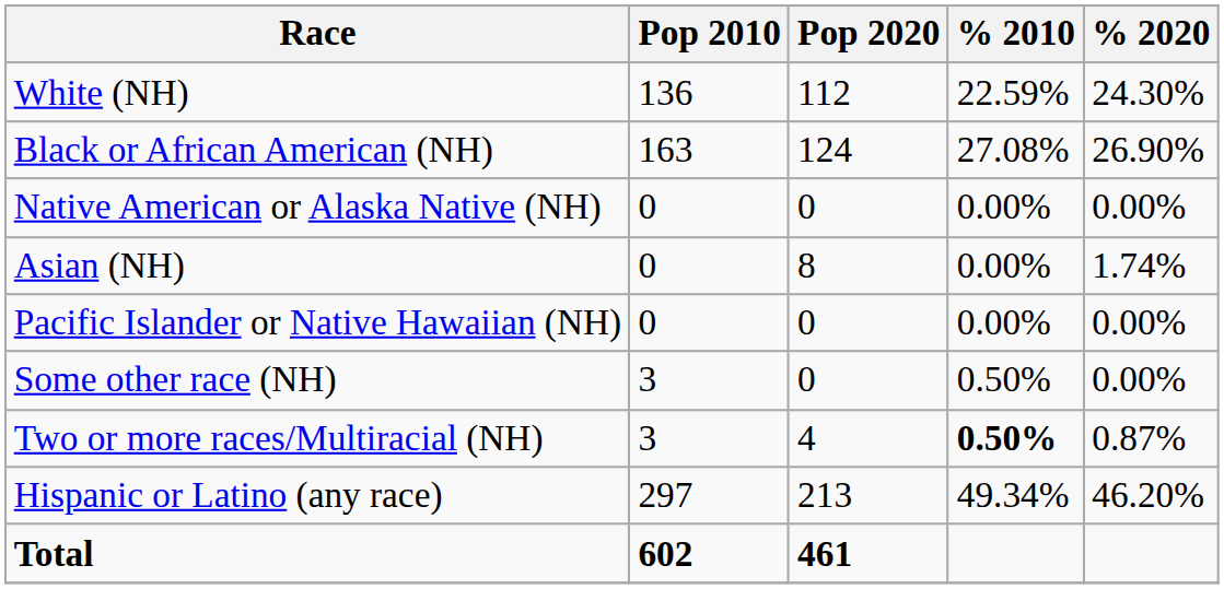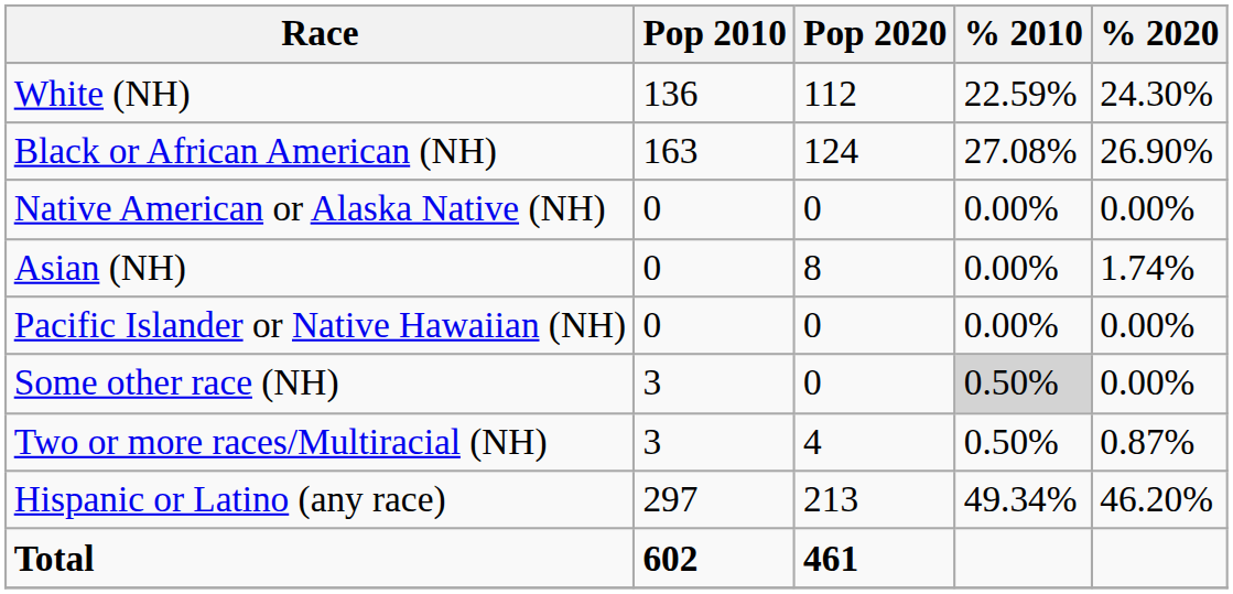 <table class="wikitable">
 <tr>
 <th>Race</th>
 <th>Pop 2010</th>
 <th>Pop 2020</th>
 <th>% 2010</th>
 <th>% 2020</th>
 </tr>
 <tr>
 <td><a href='#'>White</a> (NH)</td>
 <td>136</td>
 <td>112</td>
 <td>22.59%</td>
 <td>24.30%</td>
 </tr>
 <tr>
 <td><a href='#'>Black or African American</a> (NH)</td>
 <td>163</td>
 <td>124</td>
 <td>27.08%</td>
 <td>26.90%</td>
 </tr>
 <tr>
 <td><a href='#'>Native American</a> or <a href='#'>Alaska Native</a> (NH)</td>
 <td>0</td>
 <td>0</td>
 <td>0.00%</td>
 <td>0.00%</td>
 </tr>
 <tr>
 <td><a href='#'>Asian</a> (NH)</td>
 <td>0</td>
 <td>8</td>
 <td>0.00%</td>
 <td>1.74%</td>
 </tr>
 <tr>
 <td><a href='#'>Pacific Islander</a> or <a href='#'>Native Hawaiian</a> (NH)</td>
 <td>0</td>
 <td>0</td>
 <td>0.00%</td>
 <td>0.00%</td>
 </tr>
 <tr>
 <td><a href='#'>Some other race</a> (NH)</td>
 <td>3</td>
 <td>0</td>
-<td>0.50%</td>
+<td style="background: lightgrey;">0.50%</td>
 <td>0.00%</td>
 </tr>
 <tr>
 <td><a href='#'>Two or more races/Multiracial</a> (NH)</td>
 <td>3</td>
 <td>4</td>
-<td><strong>0.50%</strong></td>
+<td>0.50%</td>
 <td>0.87%</td>
 </tr>
 <tr>
 <td><a href='#'>Hispanic or Latino</a> (any race)</td>
 <td>297</td>
 <td>213</td>
 <td>49.34%</td>
 <td>46.20%</td>
 </tr>
 <tr>
 <td><strong>Total</strong></td>
 <td><strong>602</strong></td>
 <td><strong>461</strong></td>
 <td></td>
 <td></td>
 </tr>
 <tr>
 </tr>
 </table>
